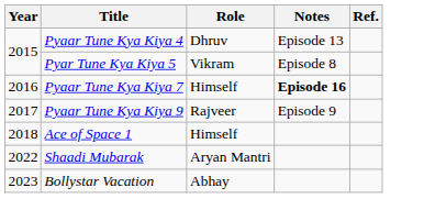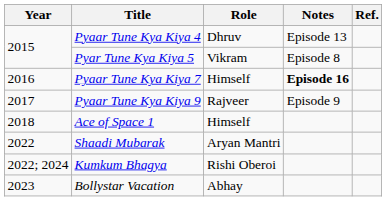 <table class="wikitable">
 <tr>
 <th>Year</th>
 <th>Title</th>
 <th>Role</th>
 <th>Notes</th>
 <th>Ref.</th>
 </tr>
 <tr>
 <td rowspan="2">2015</td>
 <td><em><a href='#'>Pyaar Tune Kya Kiya 4</a></em></td>
 <td>Dhruv</td>
 <td>Episode 13</td>
 <td></td>
 </tr>
 <tr>
 <td><em><a href='#'>Pyar Tune Kya Kiya 5</a></em></td>
 <td>Vikram</td>
 <td>Episode 8</td>
 <td></td>
 </tr>
 <tr>
 <td>2016</td>
 <td><em><a href='#'>Pyaar Tune Kya Kiya 7</a></em></td>
 <td>Himself</td>
 <td><strong>Episode 16</strong></td>
 <td></td>
 </tr>
 <tr>
 <td>2017</td>
 <td><em><a href='#'>Pyaar Tune Kya Kiya 9</a></em></td>
 <td>Rajveer</td>
 <td>Episode 9</td>
 <td></td>
 </tr>
 <tr>
 <td>2018</td>
 <td><em><a href='#'>Ace of Space 1</a></em></td>
 <td>Himself</td>
 <td></td>
 <td></td>
 </tr>
 <tr>
 <td>2022</td>
 <td><em><a href='#'>Shaadi Mubarak</a></em></td>
 <td>Aryan Mantri</td>
 <td></td>
 <td></td>
 </tr>
 <tr>
+<td>2022; 2024</td>
+<td><em><a href='#'>Kumkum Bhagya</a></em></td>
+<td>Rishi Oberoi</td>
+<td></td>
+<td></td>
+</tr>
+<tr>
 <td>2023</td>
 <td><em>Bollystar Vacation</em></td>
 <td>Abhay</td>
 <td></td>
 <td></td>
 </tr>
 </table>
